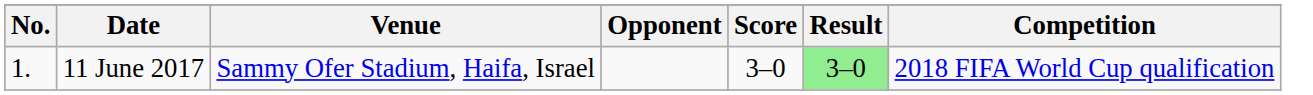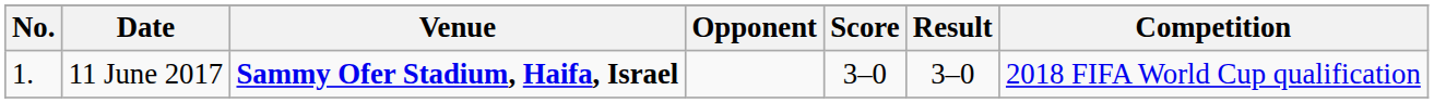 <table class="wikitable sortable">
 <tr>
 </tr>
 <tr>
 <th>No.</th>
 <th>Date</th>
 <th>Venue</th>
 <th>Opponent</th>
 <th>Score</th>
 <th>Result</th>
 <th>Competition</th>
 </tr>
 <tr>
 <td>1.</td>
 <td>11 June 2017</td>
-<td><a href='#'>Sammy Ofer Stadium</a>, <a href='#'>Haifa</a>, Israel</td>
+<td><strong><a href='#'>Sammy Ofer Stadium</a>, <a href='#'>Haifa</a>, Israel</strong></td>
 <td></td>
 <td align=center>3–0</td>
-<td align="center" style="background: lightgreen;">3–0</td>
+<td align="center">3–0</td>
 <td><a href='#'>2018 FIFA World Cup qualification</a></td>
 </tr>
 </table>
